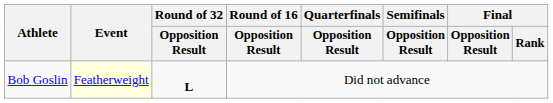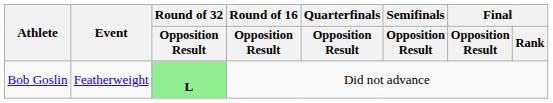 <table class="wikitable" style="font-size:90%;text-align:center;">
 <tr>
 <th rowspan=2>Athlete</th>
 <th rowspan=2>Event</th>
 <th>Round of 32</th>
 <th>Round of 16</th>
 <th>Quarterfinals</th>
 <th>Semifinals</th>
 <th colspan=2>Final</th>
 </tr>
 <tr style="font-size:95%">
 <th>Opposition<br>Result</th>
 <th>Opposition<br>Result</th>
 <th>Opposition<br>Result</th>
 <th>Opposition<br>Result</th>
 <th>Opposition<br>Result</th>
 <th>Rank</th>
 </tr>
 <tr>
 <td style="text-align:left;"><a href='#'>Bob Goslin</a></td>
-<td style="background: lightyellow; text-align:left;"><a href='#'>Featherweight</a></td>
-<td><br><strong>L</strong> </td>
+<td style="text-align:left;"><a href='#'>Featherweight</a></td>
+<td style="background: lightgreen;"><br><strong>L</strong> </td>
 <td colspan=5>Did not advance</td>
 </tr>
 </table>
